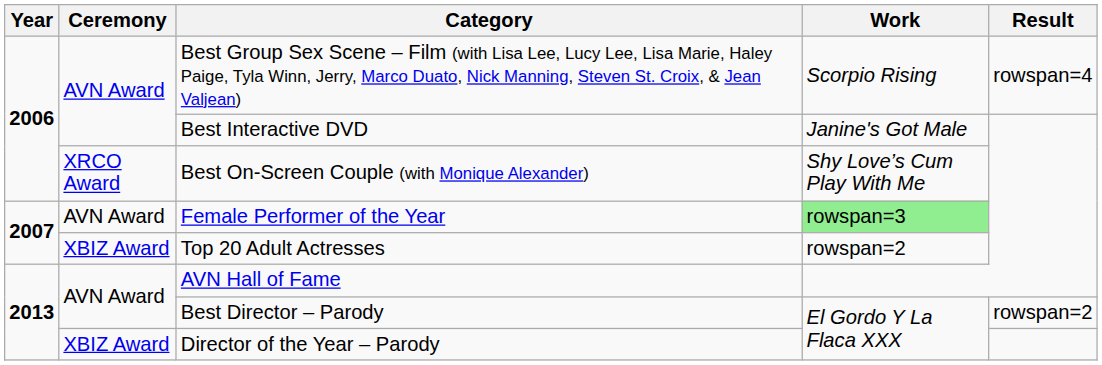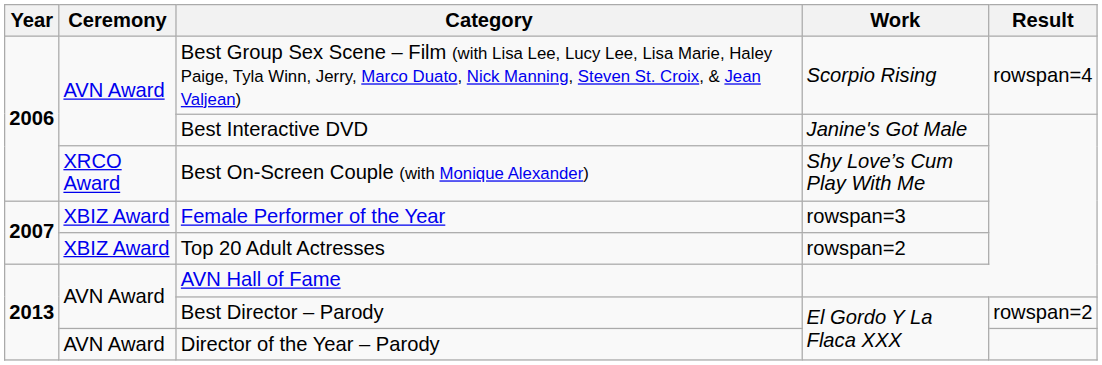 <table class="wikitable">
 <tr>
 <th>Year</th>
 <th>Ceremony</th>
 <th>Category</th>
 <th>Work</th>
 <th>Result</th>
 </tr>
 <tr>
 <td rowspan=3><strong>2006</strong></td>
 <td rowspan=2><a href='#'>AVN Award</a></td>
 <td>Best Group Sex Scene – Film <small>(with Lisa Lee, Lucy Lee, Lisa Marie, Haley Paige, Tyla Winn, Jerry, <a href='#'>Marco Duato</a>, <a href='#'>Nick Manning</a>, <a href='#'>Steven St. Croix</a>, & <a href='#'>Jean Valjean</a>)</small></td>
 <td><em>Scorpio Rising</em></td>
 <td>rowspan=4 </td>
 </tr>
 <tr>
 <td>Best Interactive DVD</td>
 <td><em>Janine's Got Male</em></td>
 </tr>
 <tr>
 <td><a href='#'>XRCO Award</a></td>
 <td>Best On-Screen Couple <small>(with <a href='#'>Monique Alexander</a>)</small></td>
 <td><em>Shy Love’s Cum Play With Me</em></td>
 </tr>
 <tr>
 <td rowspan="2"><strong>2007</strong></td>
-<td>AVN Award</td>
+<td><a href='#'>XBIZ Award</a></td>
 <td><a href='#'>Female Performer of the Year</a></td>
-<td style="background: lightgreen;">rowspan=3 </td>
+<td>rowspan=3 </td>
 </tr>
 <tr>
 <td><a href='#'>XBIZ Award</a></td>
 <td>Top 20 Adult Actresses</td>
 <td>rowspan=2 </td>
 </tr>
 <tr>
 <td rowspan="3"><strong>2013</strong></td>
 <td rowspan="2">AVN Award</td>
 <td><a href='#'>AVN Hall of Fame</a></td>
 </tr>
 <tr>
 <td>Best Director – Parody</td>
 <td rowspan="2"><em>El Gordo Y La Flaca XXX</em></td>
 <td>rowspan=2 </td>
 </tr>
 <tr>
-<td><a href='#'>XBIZ Award</a></td>
+<td>AVN Award</td>
 <td>Director of the Year – Parody</td>
 </tr>
 </table>
